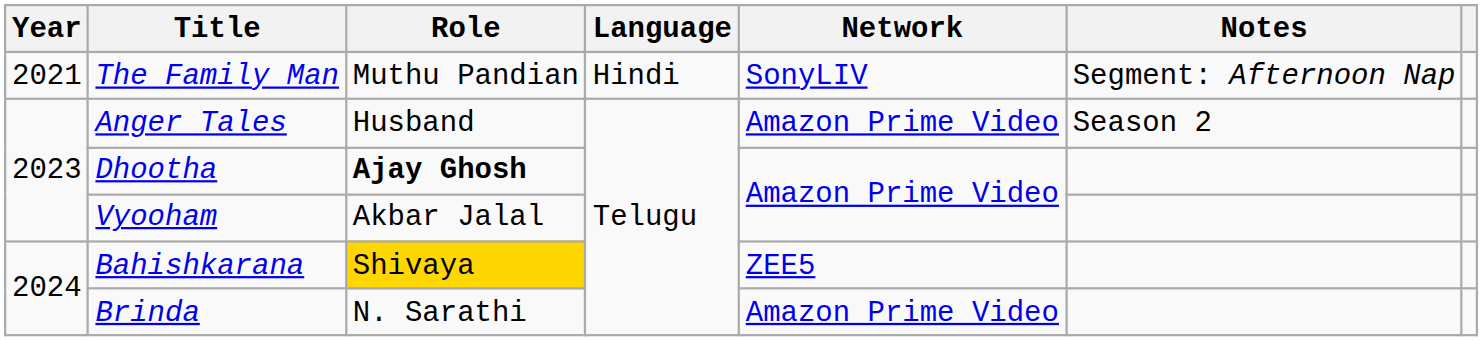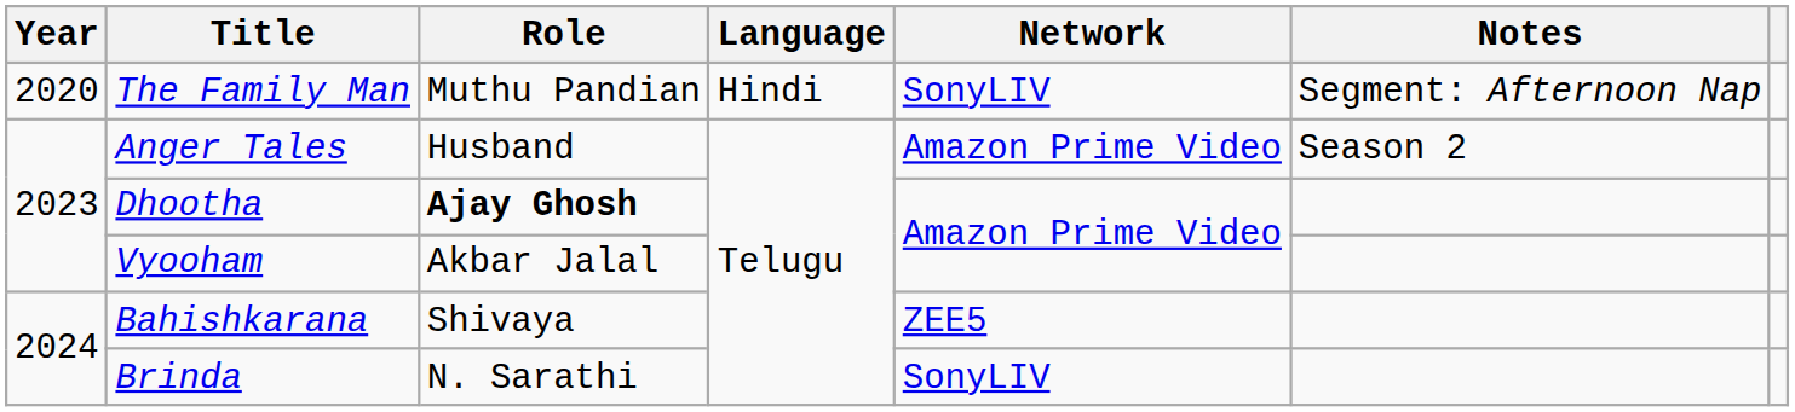 <table class="wikitable ">
 <tr>
 <th>Year</th>
 <th>Title</th>
 <th>Role</th>
 <th>Language</th>
 <th>Network</th>
 <th>Notes</th>
 <th></th>
 </tr>
 <tr>
-<td>2021</td>
+<td>2020</td>
 <td><em><a href='#'>The Family Man</a></em></td>
 <td>Muthu Pandian</td>
 <td>Hindi</td>
 <td><a href='#'>SonyLIV</a></td>
 <td>Segment: <em>Afternoon Nap</em></td>
 <td></td>
 </tr>
 <tr>
 <td rowspan="3">2023</td>
 <td><em><a href='#'>Anger Tales</a></em></td>
 <td>Husband</td>
 <td rowspan="5">Telugu</td>
 <td><a href='#'>Amazon Prime Video</a></td>
 <td>Season 2</td>
 <td></td>
 </tr>
 <tr>
 <td><em><a href='#'>Dhootha</a></em></td>
 <td><strong>Ajay Ghosh</strong></td>
 <td rowspan="2"><a href='#'>Amazon Prime Video</a></td>
 <td></td>
 <td></td>
 </tr>
 <tr>
 <td><a href='#'><em>Vyooham</em></a></td>
 <td>Akbar Jalal</td>
 <td></td>
 <td></td>
 </tr>
 <tr>
 <td rowspan="2">2024</td>
 <td><em><a href='#'>Bahishkarana</a></em></td>
-<td style="background: gold;">Shivaya</td>
+<td>Shivaya</td>
 <td><a href='#'>ZEE5</a></td>
 <td></td>
 <td></td>
 </tr>
 <tr>
 <td><a href='#'><em>Brinda</em></a></td>
 <td>N. Sarathi</td>
-<td><a href='#'>Amazon Prime Video</a></td>
+<td><a href='#'>SonyLIV</a></td>
 <td></td>
 <td></td>
 </tr>
 </table>
